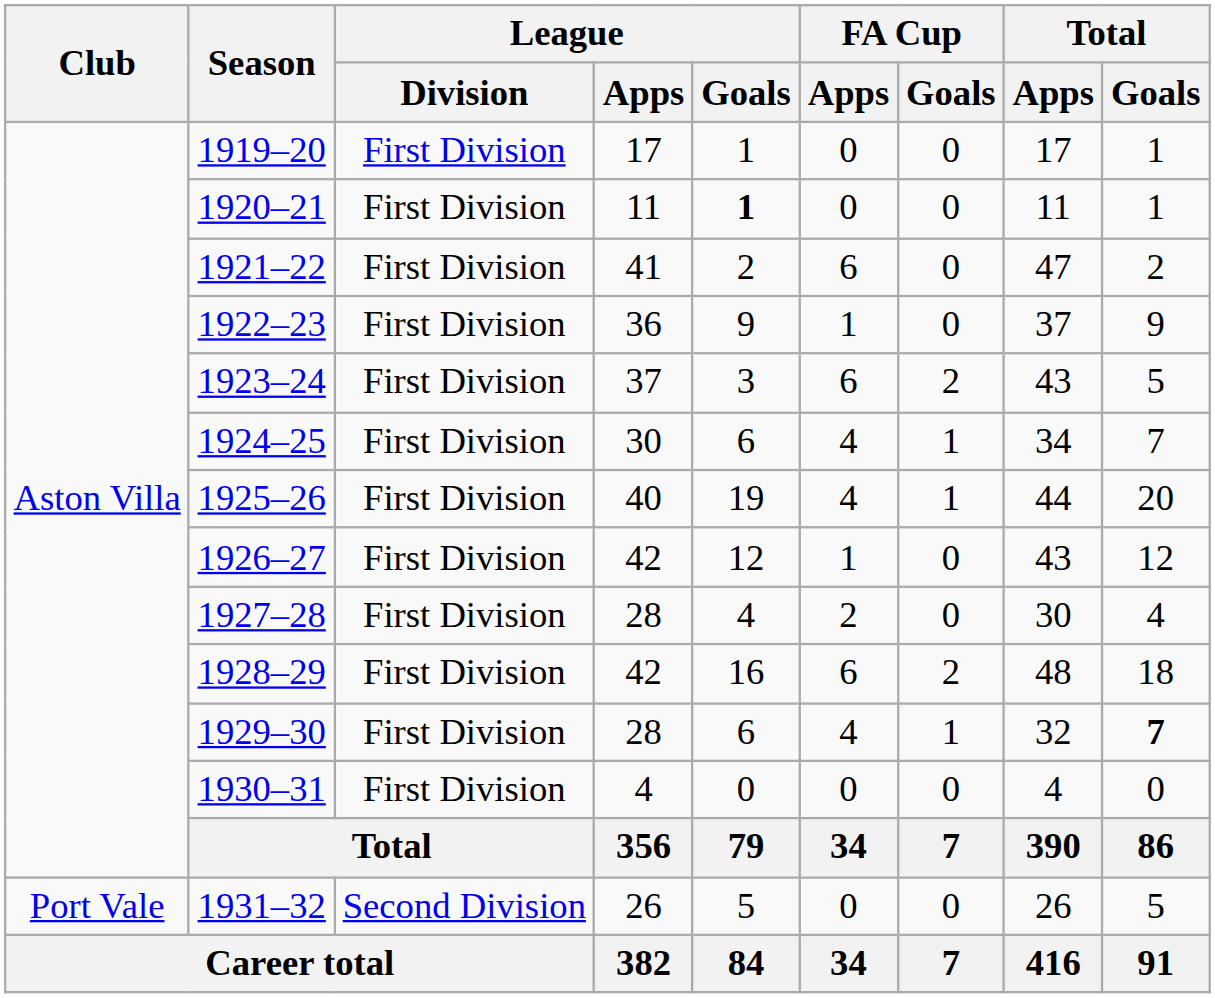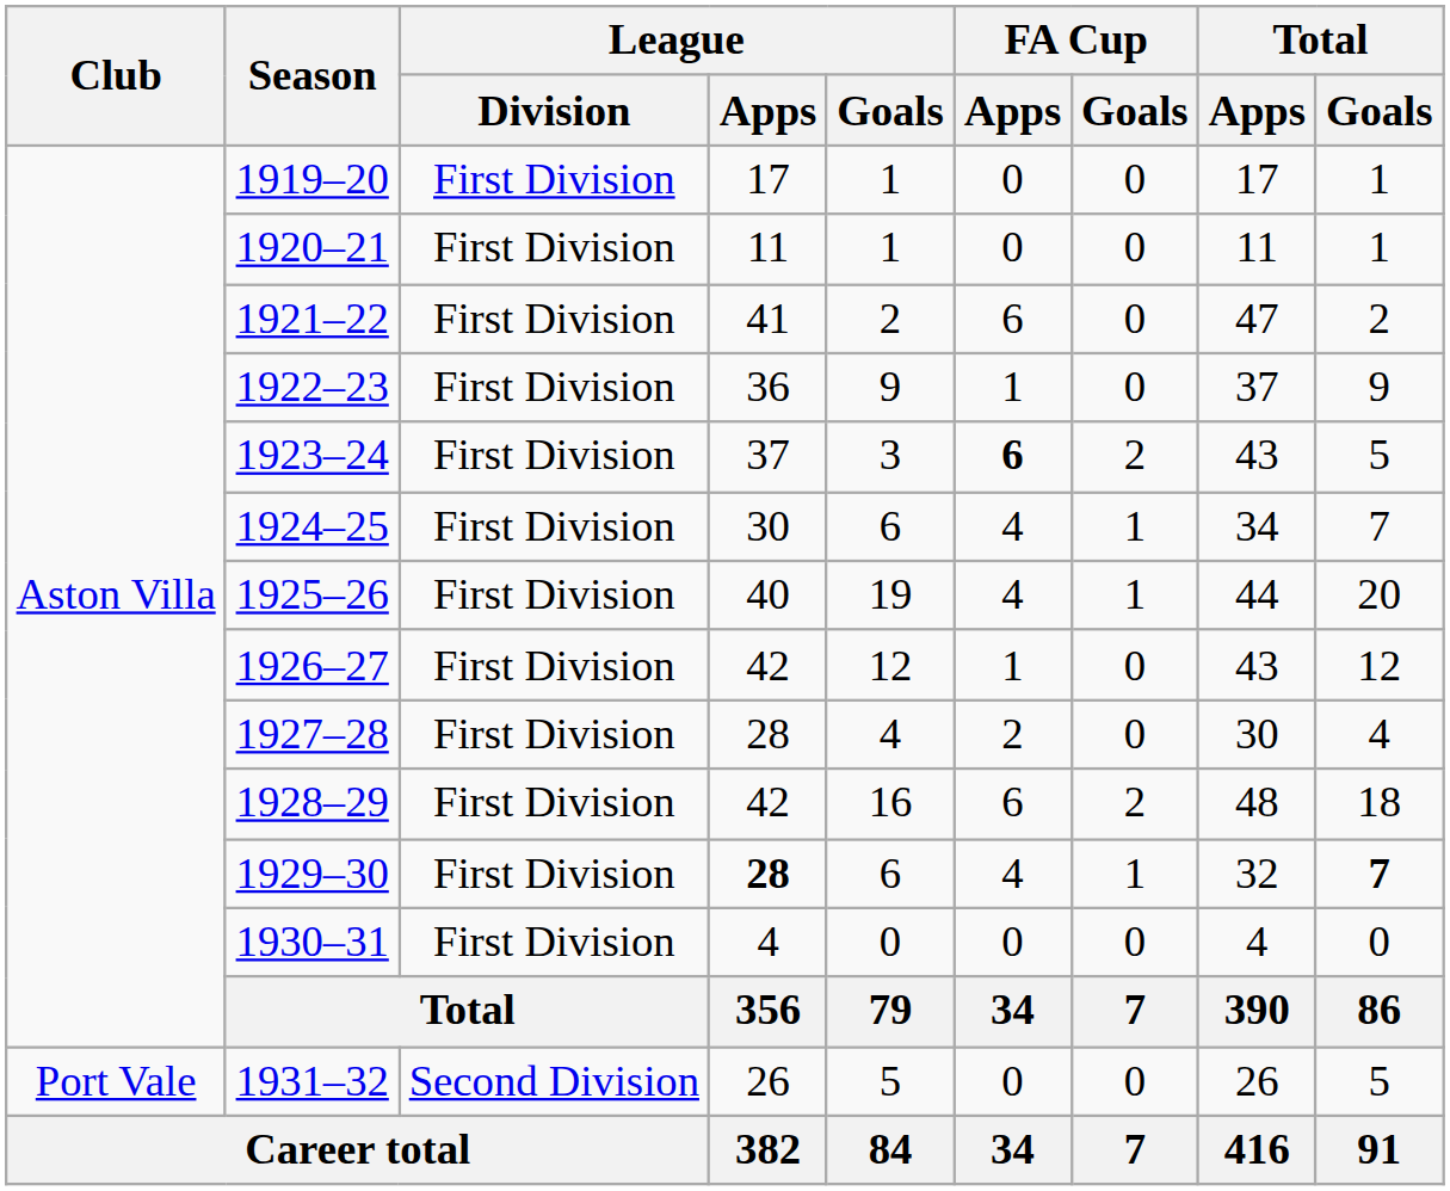 <table class="wikitable" style="text-align: center;">
 <tr>
 <th rowspan="2">Club</th>
 <th rowspan="2">Season</th>
 <th colspan="3">League</th>
 <th colspan="2">FA Cup</th>
 <th colspan="2">Total</th>
 </tr>
 <tr>
 <th>Division</th>
 <th>Apps</th>
 <th>Goals</th>
 <th>Apps</th>
 <th>Goals</th>
 <th>Apps</th>
 <th>Goals</th>
 </tr>
 <tr>
 <td rowspan="13"><a href='#'>Aston Villa</a></td>
 <td><a href='#'>1919–20</a></td>
 <td><a href='#'>First Division</a></td>
 <td>17</td>
 <td>1</td>
 <td>0</td>
 <td>0</td>
 <td>17</td>
 <td>1</td>
 </tr>
 <tr>
 <td><a href='#'>1920–21</a></td>
 <td>First Division</td>
 <td>11</td>
-<td><strong>1</strong></td>
+<td>1</td>
 <td>0</td>
 <td>0</td>
 <td>11</td>
 <td>1</td>
 </tr>
 <tr>
 <td><a href='#'>1921–22</a></td>
 <td>First Division</td>
 <td>41</td>
 <td>2</td>
 <td>6</td>
 <td>0</td>
 <td>47</td>
 <td>2</td>
 </tr>
 <tr>
 <td><a href='#'>1922–23</a></td>
 <td>First Division</td>
 <td>36</td>
 <td>9</td>
 <td>1</td>
 <td>0</td>
 <td>37</td>
 <td>9</td>
 </tr>
 <tr>
 <td><a href='#'>1923–24</a></td>
 <td>First Division</td>
 <td>37</td>
 <td>3</td>
-<td>6</td>
+<td><strong>6</strong></td>
 <td>2</td>
 <td>43</td>
 <td>5</td>
 </tr>
 <tr>
 <td><a href='#'>1924–25</a></td>
 <td>First Division</td>
 <td>30</td>
 <td>6</td>
 <td>4</td>
 <td>1</td>
 <td>34</td>
 <td>7</td>
 </tr>
 <tr>
 <td><a href='#'>1925–26</a></td>
 <td>First Division</td>
 <td>40</td>
 <td>19</td>
 <td>4</td>
 <td>1</td>
 <td>44</td>
 <td>20</td>
 </tr>
 <tr>
 <td><a href='#'>1926–27</a></td>
 <td>First Division</td>
 <td>42</td>
 <td>12</td>
 <td>1</td>
 <td>0</td>
 <td>43</td>
 <td>12</td>
 </tr>
 <tr>
 <td><a href='#'>1927–28</a></td>
 <td>First Division</td>
 <td>28</td>
 <td>4</td>
 <td>2</td>
 <td>0</td>
 <td>30</td>
 <td>4</td>
 </tr>
 <tr>
 <td><a href='#'>1928–29</a></td>
 <td>First Division</td>
 <td>42</td>
 <td>16</td>
 <td>6</td>
 <td>2</td>
 <td>48</td>
 <td>18</td>
 </tr>
 <tr>
 <td><a href='#'>1929–30</a></td>
 <td>First Division</td>
-<td>28</td>
+<td><strong>28</strong></td>
 <td>6</td>
 <td>4</td>
 <td>1</td>
 <td>32</td>
 <td><strong>7</strong></td>
 </tr>
 <tr>
 <td><a href='#'>1930–31</a></td>
 <td>First Division</td>
 <td>4</td>
 <td>0</td>
 <td>0</td>
 <td>0</td>
 <td>4</td>
 <td>0</td>
 </tr>
 <tr>
 <th colspan="2">Total</th>
 <th>356</th>
 <th>79</th>
 <th>34</th>
 <th>7</th>
 <th>390</th>
 <th>86</th>
 </tr>
 <tr>
 <td><a href='#'>Port Vale</a></td>
 <td><a href='#'>1931–32</a></td>
 <td><a href='#'>Second Division</a></td>
 <td>26</td>
 <td>5</td>
 <td>0</td>
 <td>0</td>
 <td>26</td>
 <td>5</td>
 </tr>
 <tr>
 <th colspan="3">Career total</th>
 <th>382</th>
 <th>84</th>
 <th>34</th>
 <th>7</th>
 <th>416</th>
 <th>91</th>
 </tr>
 </table>
